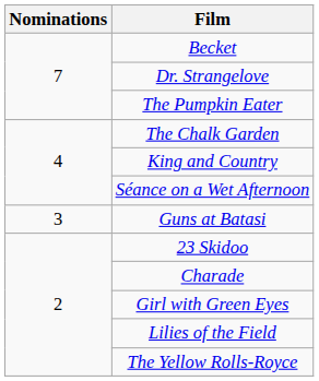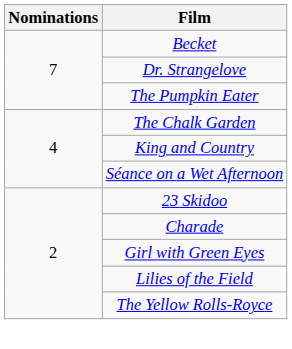 <table class="wikitable" style="text-align:center;">
 <tr>
 <th style="background:">Nominations</th>
 <th style="background:">Film</th>
 </tr>
 <tr>
 <td rowspan="3">7</td>
 <td><em><a href='#'>Becket</a></em></td>
 </tr>
 <tr>
 <td><em><a href='#'>Dr. Strangelove</a></em></td>
 </tr>
 <tr>
 <td><em><a href='#'>The Pumpkin Eater</a></em></td>
 </tr>
 <tr>
 <td rowspan="3">4</td>
 <td><em><a href='#'>The Chalk Garden</a></em></td>
 </tr>
 <tr>
 <td><em><a href='#'>King and Country</a></em></td>
 </tr>
 <tr>
 <td><em><a href='#'>Séance on a Wet Afternoon</a></em></td>
 </tr>
 <tr>
-<td>3</td>
-<td><em><a href='#'>Guns at Batasi</a></em></td>
-</tr>
-<tr>
 <td rowspan="5">2</td>
 <td><em><a href='#'>23 Skidoo</a></em></td>
 </tr>
 <tr>
 <td><em><a href='#'>Charade</a></em></td>
 </tr>
 <tr>
 <td><em><a href='#'>Girl with Green Eyes</a></em></td>
 </tr>
 <tr>
 <td><em><a href='#'>Lilies of the Field</a></em></td>
 </tr>
 <tr>
 <td><em><a href='#'>The Yellow Rolls-Royce</a></em></td>
 </tr>
 </table>
